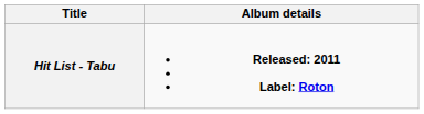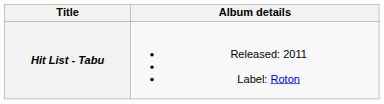 <table class="wikitable plainrowheaders" style="text-align:center;">
 <tr>
 <th scope="col" style="width:11em;">Title</th>
 <th scope="col" style="width:22em;">Album details</th>
 </tr>
 <tr>
 <th scope="row"><em>Hit List - Tabu</em></th>
-<td><strong><br><ul><li>Released: 2011</li><li></li><li>Label: <a href='#'>Roton</a></li></ul></strong></td>
+<td><br><ul><li>Released: 2011</li><li></li><li>Label: <a href='#'>Roton</a></li></ul></td>
 </tr>
 </table>
